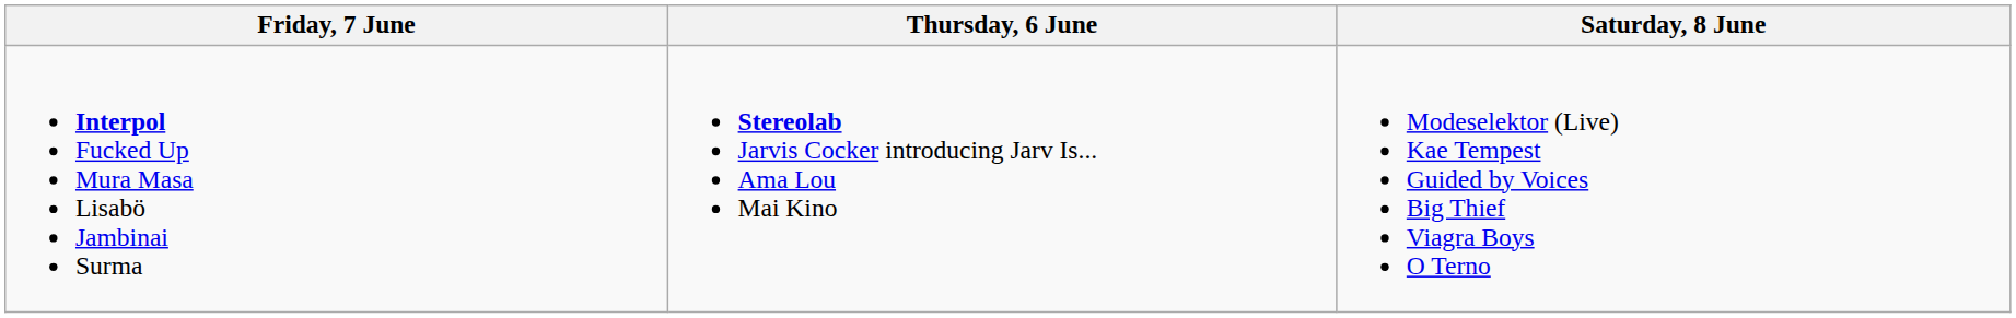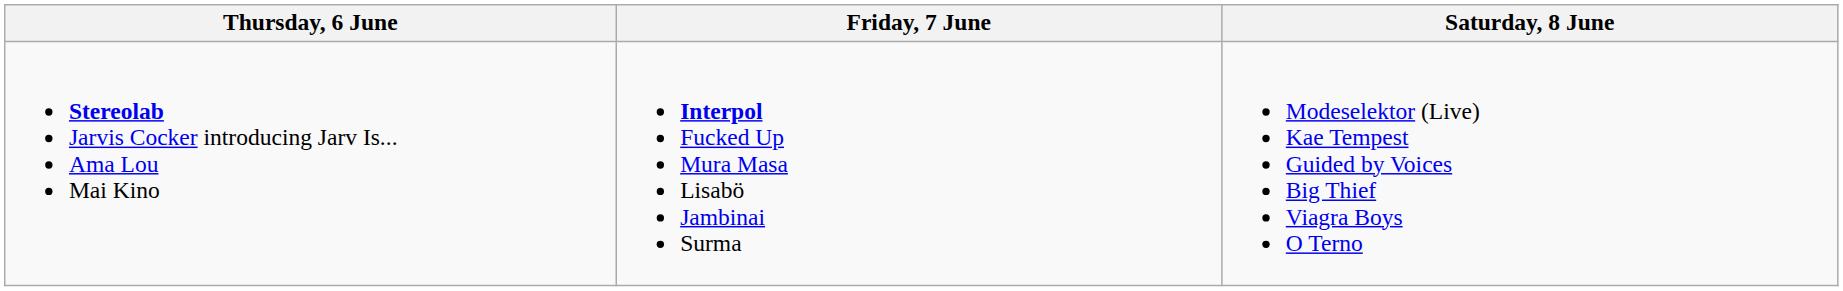 <table class="wikitable">
 <tr>
+<th width="500">Thursday, 6 June</th>
 <th width="500">Friday, 7 June</th>
-<th width="500">Thursday, 6 June</th>
 <th width="500">Saturday, 8 June</th>
 </tr>
 <tr valign="top">
+<td><br><ul><li><strong><a href='#'>Stereolab</a></strong></li><li><a href='#'>Jarvis Cocker</a> introducing Jarv Is...</li><li><a href='#'>Ama Lou</a></li><li>Mai Kino</li></ul></td>
 <td><br><ul><li><strong><a href='#'>Interpol</a></strong></li><li><a href='#'>Fucked Up</a></li><li><a href='#'>Mura Masa</a></li><li>Lisabö</li><li><a href='#'>Jambinai</a></li><li>Surma</li></ul></td>
-<td><br><ul><li><strong><a href='#'>Stereolab</a></strong></li><li><a href='#'>Jarvis Cocker</a> introducing Jarv Is...</li><li><a href='#'>Ama Lou</a></li><li>Mai Kino</li></ul></td>
 <td><br><ul><li><a href='#'>Modeselektor</a> (Live)</li><li><a href='#'>Kae Tempest</a></li><li><a href='#'>Guided by Voices</a></li><li><a href='#'>Big Thief</a></li><li><a href='#'>Viagra Boys</a></li><li><a href='#'>O Terno</a></li></ul></td>
 </tr>
 </table>
